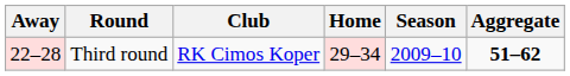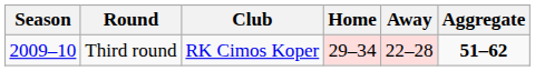 <table class="wikitable">
 <tr>
-<th>Away</th>
+<th>Season</th>
 <th>Round</th>
 <th>Club</th>
 <th>Home</th>
-<th>Season</th>
+<th>Away</th>
 <th>Aggregate</th>
 </tr>
 <tr>
-<td style="text-align:center; background:#fdd;">22–28</td>
+<td rowspan=1><a href='#'>2009–10</a></td>
 <td>Third round</td>
 <td> <a href='#'>RK Cimos Koper</a></td>
 <td style="text-align:center; background:#fdd;">29–34</td>
-<td rowspan=1><a href='#'>2009–10</a></td>
+<td style="text-align:center; background:#fdd;">22–28</td>
 <td style="text-align:center;"><strong>51–62</strong></td>
 </tr>
 </table>
